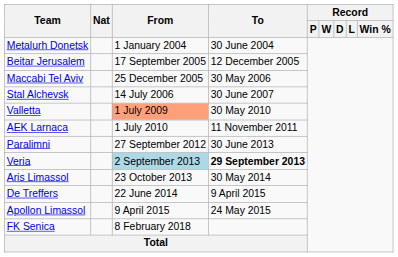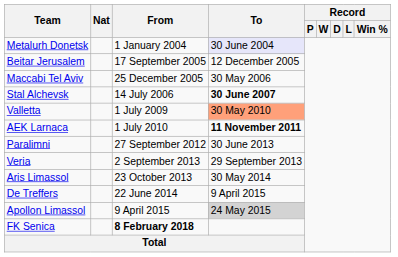 <table class="wikitable" style="text-align: center">
 <tr>
 <th rowspan=2>Team</th>
 <th rowspan=2>Nat</th>
 <th rowspan=2>From</th>
 <th rowspan=2>To</th>
 <th colspan=7>Record</th>
 </tr>
 <tr>
 <th>P</th>
 <th>W</th>
 <th>D</th>
 <th>L</th>
 <th>Win %</th>
 </tr>
 <tr>
 <td align=left><a href='#'>Metalurh Donetsk</a></td>
 <td></td>
 <td align=left>1 January 2004</td>
-<td align=left>30 June 2004<br></td>
+<td align=left style="background: lavender;">30 June 2004<br></td>
 </tr>
 <tr>
 <td align=left><a href='#'>Beitar Jerusalem</a></td>
 <td></td>
 <td align=left>17 September 2005</td>
 <td align=left>12 December 2005<br></td>
 </tr>
 <tr>
 <td align=left><a href='#'>Maccabi Tel Aviv</a></td>
 <td></td>
 <td align=left>25 December 2005</td>
 <td align=left>30 May 2006<br></td>
 </tr>
 <tr>
 <td align=left><a href='#'>Stal Alchevsk</a></td>
 <td></td>
 <td align=left>14 July 2006</td>
-<td align=left>30 June 2007<br></td>
+<td align=left><strong>30 June 2007<br></strong></td>
 </tr>
 <tr>
 <td align=left><a href='#'>Valletta</a></td>
 <td></td>
-<td align=left style="background: lightsalmon;">1 July 2009</td>
-<td align=left>30 May 2010<br></td>
+<td align=left>1 July 2009</td>
+<td align=left style="background: lightsalmon;">30 May 2010<br></td>
 </tr>
 <tr>
 <td align=left><a href='#'>AEK Larnaca</a></td>
 <td></td>
 <td align=left>1 July 2010</td>
-<td align=left>11 November 2011<br></td>
+<td align=left><strong>11 November 2011<br></strong></td>
 </tr>
 <tr>
 <td align=left><a href='#'>Paralimni</a></td>
 <td></td>
 <td align=left>27 September 2012</td>
 <td align=left>30 June 2013<br></td>
 </tr>
 <tr>
 <td align=left><a href='#'>Veria</a></td>
 <td></td>
-<td align=left style="background: lightblue;">2 September 2013</td>
-<td align=left><strong>29 September 2013<br></strong></td>
+<td align=left>2 September 2013</td>
+<td align=left>29 September 2013<br></td>
 </tr>
 <tr>
 <td align=left><a href='#'>Aris Limassol</a></td>
 <td></td>
 <td align=left>23 October 2013</td>
 <td align=left>30 May 2014<br></td>
 </tr>
 <tr>
 <td align=left><a href='#'>De Treffers</a></td>
 <td></td>
 <td align=left>22 June 2014</td>
 <td align=left>9 April 2015<br></td>
 </tr>
 <tr>
 <td align=left><a href='#'>Apollon Limassol</a></td>
 <td></td>
 <td align=left>9 April 2015</td>
-<td align=left>24 May 2015<br></td>
+<td align=left style="background: lightgrey;">24 May 2015<br></td>
 </tr>
 <tr>
 <td align=left><a href='#'>FK Senica</a></td>
 <td></td>
-<td align=left>8 February 2018</td>
+<td align=left><strong>8 February 2018</strong></td>
 <td align=left><br></td>
 </tr>
 <tr>
 <th colspan=4>Total<br></th>
 </tr>
 </table>
